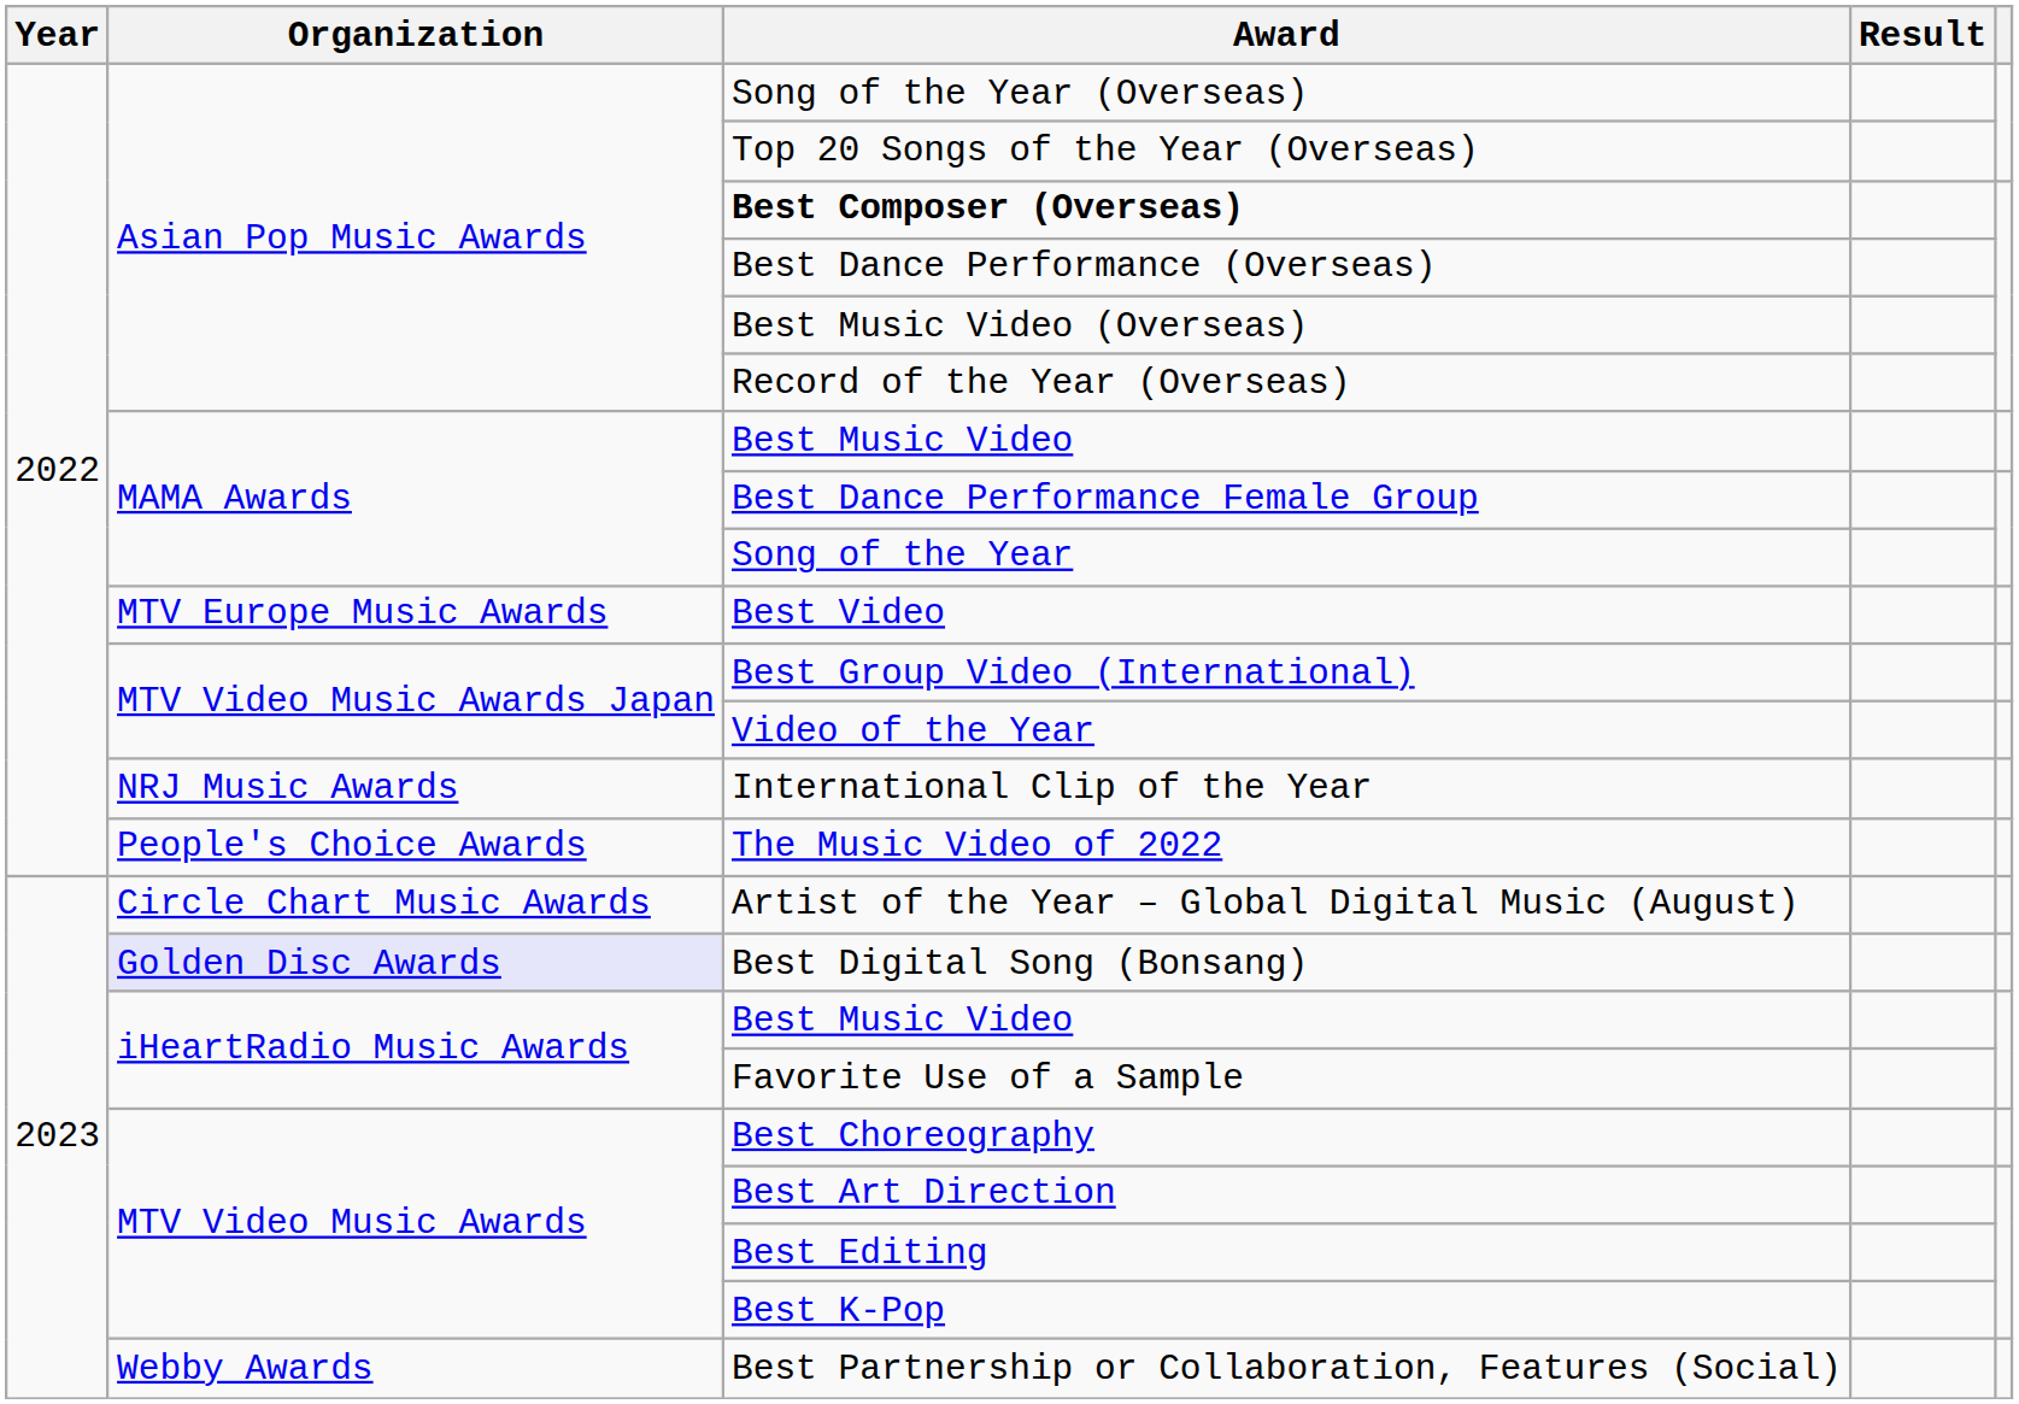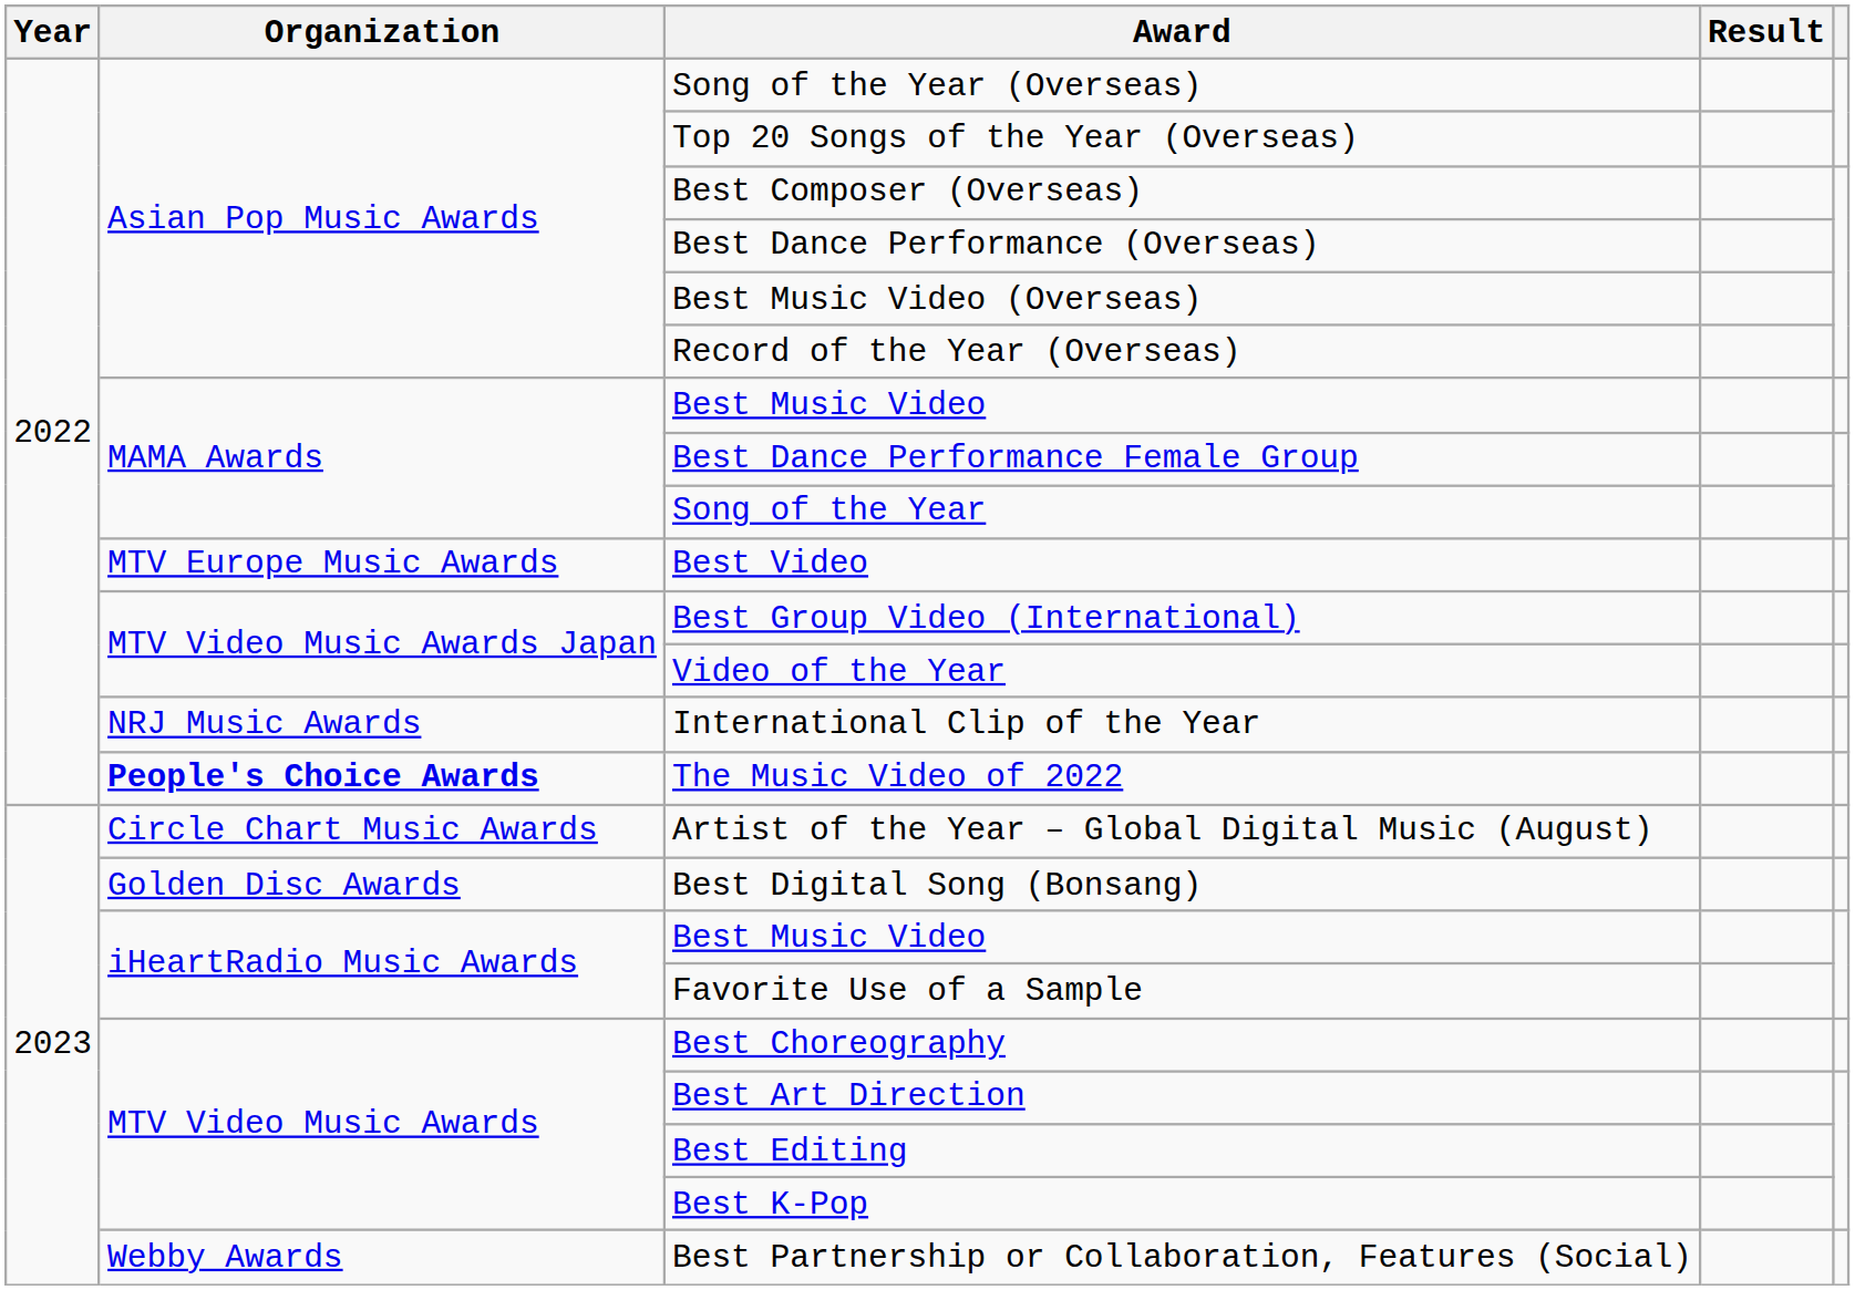 <table class="wikitable plainrowheaders sortable">
 <tr align="center">
 <th scope="col">Year</th>
 <th scope="col">Organization</th>
 <th scope="col">Award</th>
 <th scope="col">Result</th>
 <th scope="col" class="unsortable"></th>
 </tr>
 <tr>
 <td align="center" rowspan="14">2022</td>
 <td rowspan="6"><a href='#'>Asian Pop Music Awards</a></td>
 <td>Song of the Year (Overseas)</td>
 <td></td>
 <td align="center" rowspan="2"></td>
 </tr>
 <tr>
 <td>Top 20 Songs of the Year (Overseas)</td>
 <td></td>
 </tr>
 <tr>
-<td><strong>Best Composer (Overseas)</strong></td>
+<td>Best Composer (Overseas)</td>
 <td></td>
 <td rowspan="4" style="text-align:center"></td>
 </tr>
 <tr>
 <td>Best Dance Performance (Overseas)</td>
 <td></td>
 </tr>
 <tr>
 <td>Best Music Video (Overseas)</td>
 <td></td>
 </tr>
 <tr>
 <td>Record of the Year (Overseas)</td>
 <td></td>
 </tr>
 <tr>
 <td rowspan="3"><a href='#'>MAMA Awards</a></td>
 <td><a href='#'>Best Music Video</a></td>
 <td></td>
 <td align="center"></td>
 </tr>
 <tr>
 <td><a href='#'>Best Dance Performance Female Group</a></td>
 <td></td>
 <td rowspan="2" align="center"></td>
 </tr>
 <tr>
 <td><a href='#'>Song of the Year</a></td>
 <td></td>
 </tr>
 <tr>
 <td><a href='#'>MTV Europe Music Awards</a></td>
 <td><a href='#'>Best Video</a></td>
 <td></td>
 <td align="center"></td>
 </tr>
 <tr>
 <td rowspan="2"><a href='#'>MTV Video Music Awards Japan</a></td>
 <td><a href='#'>Best Group Video (International)</a></td>
 <td></td>
 <td align="center"></td>
 </tr>
 <tr>
 <td><a href='#'>Video of the Year</a></td>
 <td></td>
 <td align="center"></td>
 </tr>
 <tr>
 <td><a href='#'>NRJ Music Awards</a></td>
 <td>International Clip of the Year</td>
 <td></td>
 <td align="center"></td>
 </tr>
 <tr>
-<td><a href='#'>People's Choice Awards</a></td>
+<td><strong><a href='#'>People's Choice Awards</a></strong></td>
 <td><a href='#'>The Music Video of 2022</a></td>
 <td></td>
 <td align="center"></td>
 </tr>
 <tr>
 <td rowspan="9">2023</td>
 <td><a href='#'>Circle Chart Music Awards</a></td>
 <td>Artist of the Year – Global Digital Music (August)</td>
 <td></td>
 <td style="text-align:center"></td>
 </tr>
 <tr>
-<td style="background: lavender;"><a href='#'>Golden Disc Awards</a></td>
+<td><a href='#'>Golden Disc Awards</a></td>
 <td>Best Digital Song (Bonsang)</td>
 <td></td>
 <td style="text-align:center"></td>
 </tr>
 <tr>
 <td rowspan="2"><a href='#'>iHeartRadio Music Awards</a></td>
 <td><a href='#'>Best Music Video</a></td>
 <td></td>
 <td rowspan="2" style="text-align:center"></td>
 </tr>
 <tr>
 <td>Favorite Use of a Sample</td>
 <td></td>
 </tr>
 <tr>
 <td rowspan="4"><a href='#'>MTV Video Music Awards</a></td>
 <td><a href='#'>Best Choreography</a></td>
 <td></td>
 <td style="text-align:center"></td>
 </tr>
 <tr>
 <td><a href='#'>Best Art Direction</a></td>
 <td></td>
 <td rowspan="3" style="text-align:center"></td>
 </tr>
 <tr>
 <td><a href='#'>Best Editing</a></td>
 <td></td>
 </tr>
 <tr>
 <td><a href='#'>Best K-Pop</a></td>
 <td></td>
 </tr>
 <tr>
 <td><a href='#'>Webby Awards</a></td>
 <td>Best Partnership or Collaboration, Features (Social)</td>
 <td></td>
 <td style="text-align:center;"></td>
 </tr>
 </table>
